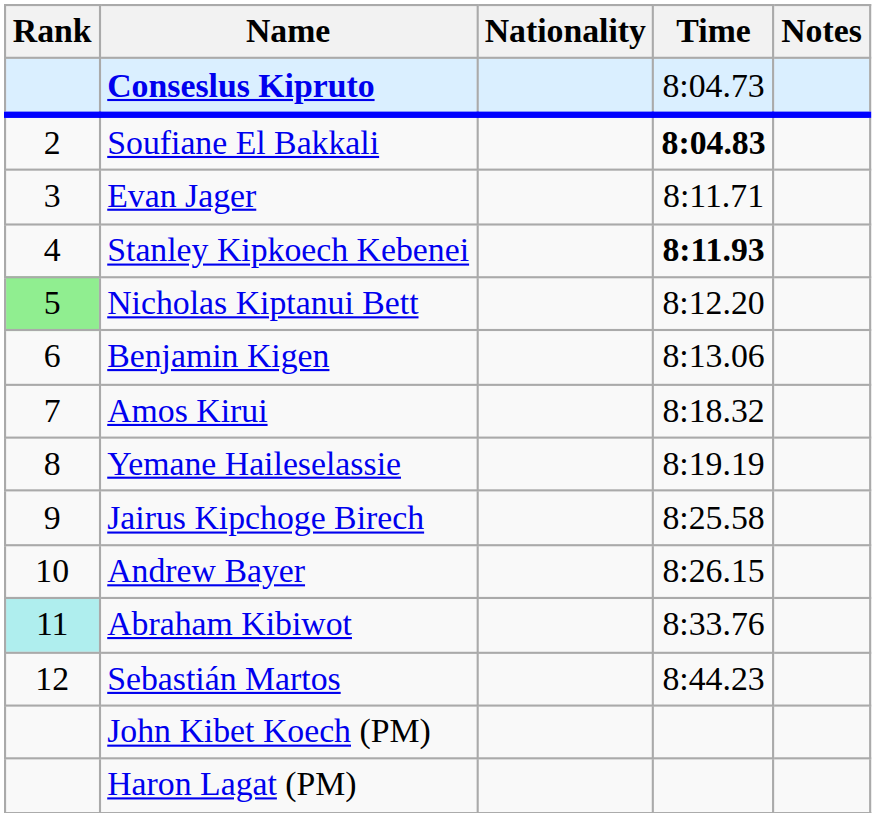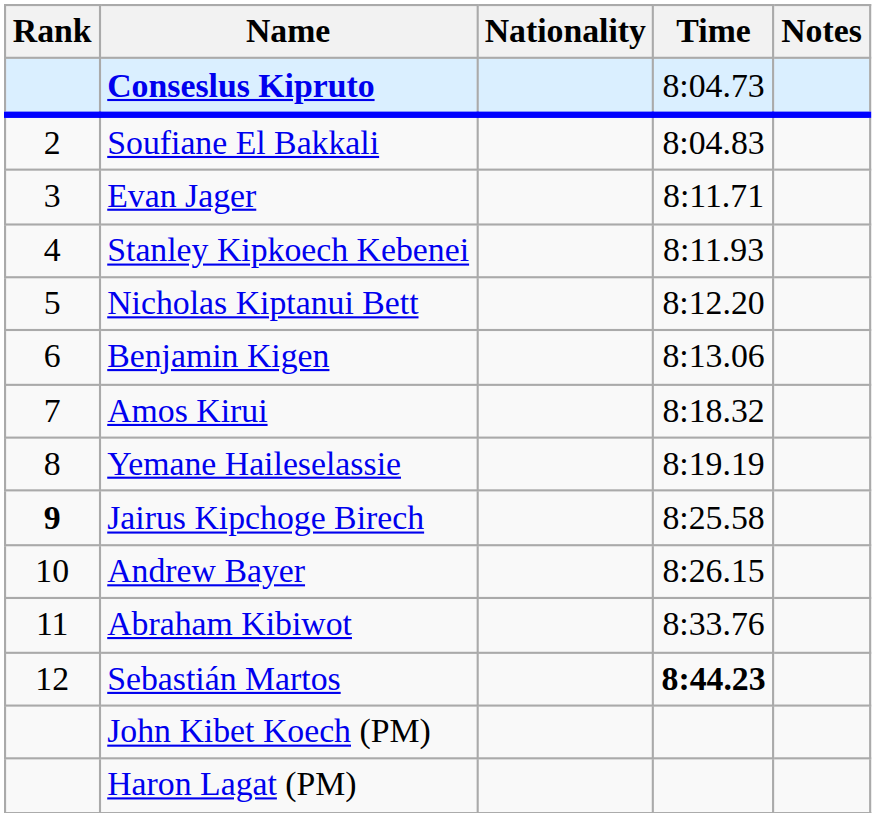 <table class="wikitable sortable" style="text-align:center">
 <tr>
 <th>Rank</th>
 <th>Name</th>
 <th>Nationality</th>
 <th>Time</th>
 <th>Notes</th>
 </tr>
 <tr bgcolor=#daefff>
 <td></td>
 <td align=left><strong><a href='#'>Conseslus Kipruto</a></strong></td>
 <td align=left><strong></strong></td>
 <td>8:04.73</td>
 <td></td>
 </tr>
 <tr style="border-top:3px solid blue;">
 <td>2</td>
 <td align=left><a href='#'>Soufiane El Bakkali</a></td>
 <td align=left></td>
-<td><strong>8:04.83</strong></td>
+<td>8:04.83</td>
 <td></td>
 </tr>
 <tr>
 <td>3</td>
 <td align=left><a href='#'>Evan Jager</a></td>
 <td align=left></td>
 <td>8:11.71</td>
 <td></td>
 </tr>
 <tr>
 <td>4</td>
 <td align=left><a href='#'>Stanley Kipkoech Kebenei</a></td>
 <td align=left></td>
-<td><strong>8:11.93</strong></td>
+<td>8:11.93</td>
 <td></td>
 </tr>
 <tr>
-<td style="background: lightgreen;">5</td>
+<td>5</td>
 <td align=left><a href='#'>Nicholas Kiptanui Bett</a></td>
 <td align=left></td>
 <td>8:12.20</td>
 <td></td>
 </tr>
 <tr>
 <td>6</td>
 <td align=left><a href='#'>Benjamin Kigen</a></td>
 <td align=left></td>
 <td>8:13.06</td>
 <td></td>
 </tr>
 <tr>
 <td>7</td>
 <td align=left><a href='#'>Amos Kirui</a></td>
 <td align=left></td>
 <td>8:18.32</td>
 <td></td>
 </tr>
 <tr>
 <td>8</td>
 <td align=left><a href='#'>Yemane Haileselassie</a></td>
 <td align=left></td>
 <td>8:19.19</td>
 <td></td>
 </tr>
 <tr>
-<td>9</td>
+<td><strong>9</strong></td>
 <td align=left><a href='#'>Jairus Kipchoge Birech</a></td>
 <td align=left></td>
 <td>8:25.58</td>
 <td></td>
 </tr>
 <tr>
 <td>10</td>
 <td align=left><a href='#'>Andrew Bayer</a></td>
 <td align=left></td>
 <td>8:26.15</td>
 <td></td>
 </tr>
 <tr>
-<td style="background: paleturquoise;">11</td>
+<td>11</td>
 <td align=left><a href='#'>Abraham Kibiwot</a></td>
 <td align=left></td>
 <td>8:33.76</td>
 <td></td>
 </tr>
 <tr>
 <td>12</td>
 <td align=left><a href='#'>Sebastián Martos</a></td>
 <td align=left></td>
-<td>8:44.23</td>
+<td><strong>8:44.23</strong></td>
 <td></td>
 </tr>
 <tr>
 <td></td>
 <td align=left><a href='#'>John Kibet Koech</a> (PM)</td>
 <td align=left></td>
 <td></td>
 <td></td>
 </tr>
 <tr>
 <td></td>
 <td align=left><a href='#'>Haron Lagat</a> (PM)</td>
 <td align=left></td>
 <td></td>
 <td></td>
 </tr>
 <tr>
 </tr>
 </table>
